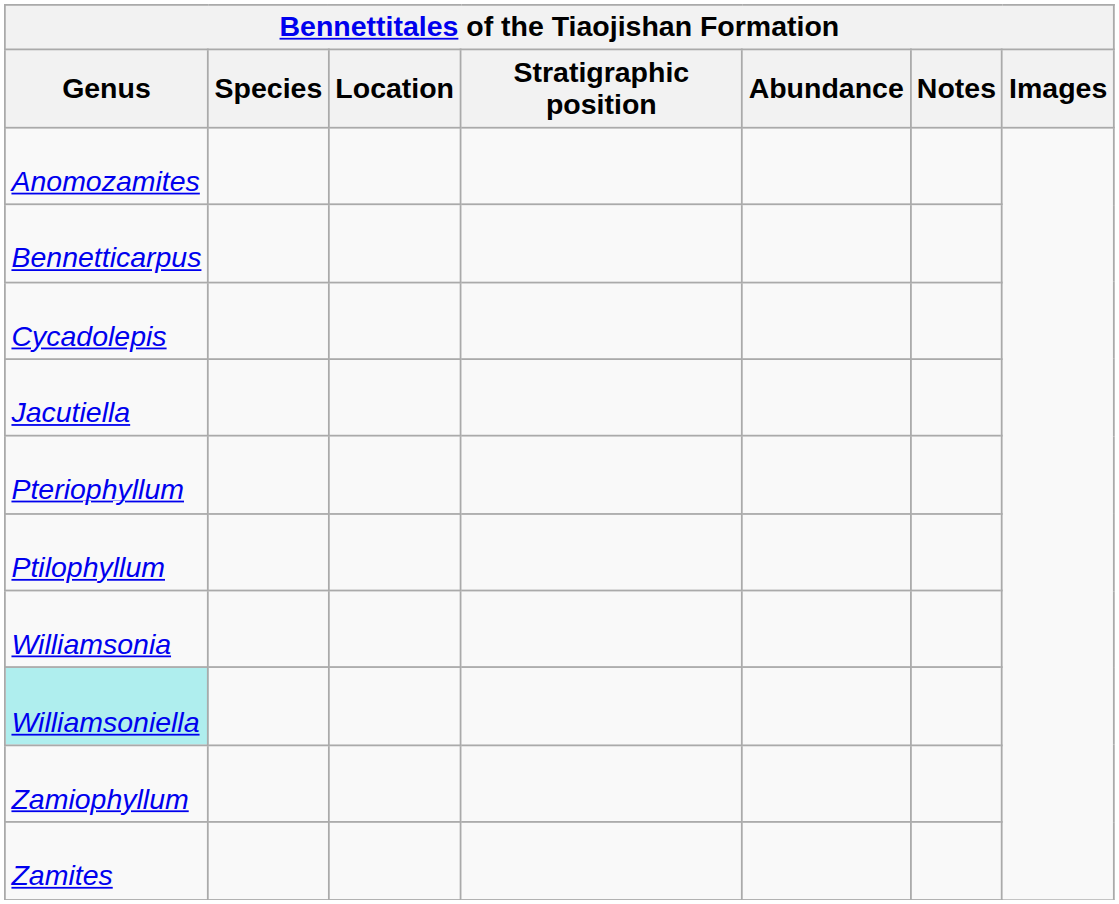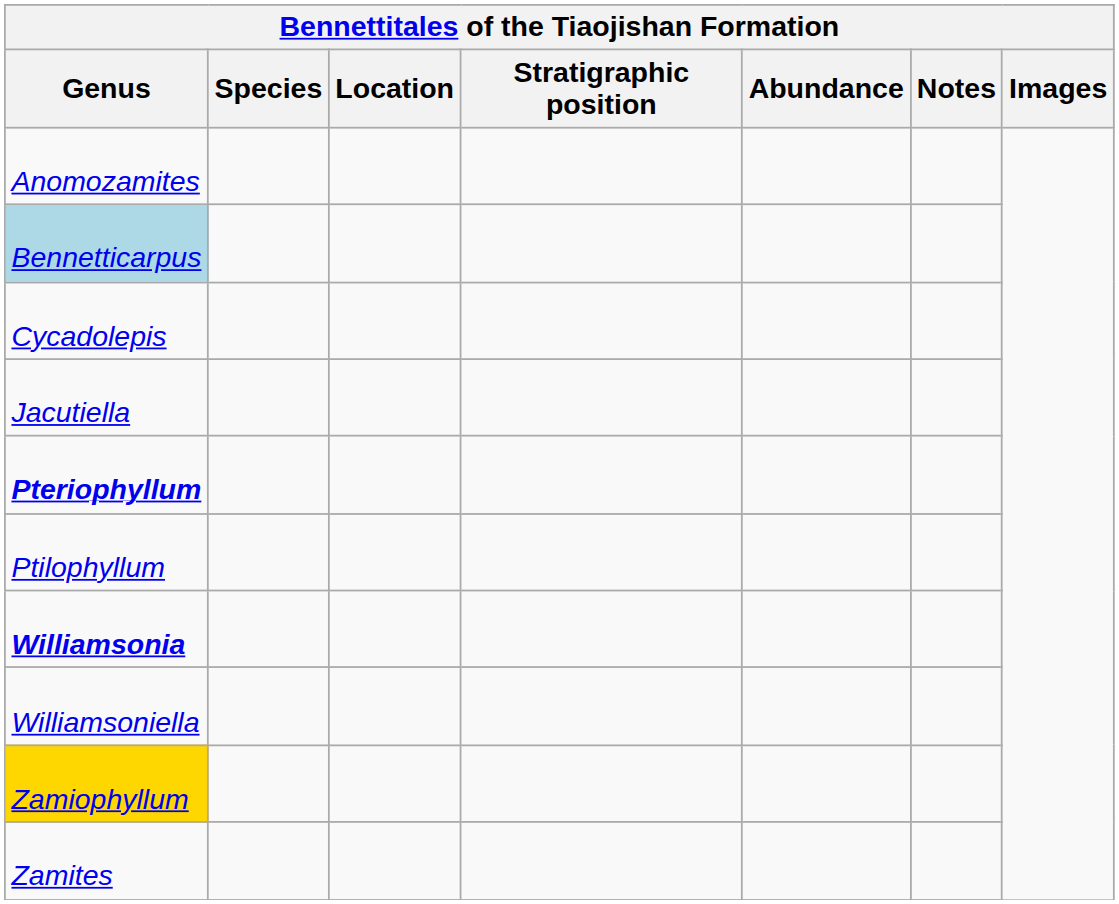 <table class="wikitable" align="center" width="100%">
 <tr>
 <th colspan="7" align="center"><strong><a href='#'>Bennettitales</a> of the Tiaojishan Formation</strong></th>
 </tr>
 <tr>
 <th>Genus</th>
 <th>Species</th>
 <th>Location</th>
 <th>Stratigraphic position</th>
 <th>Abundance</th>
 <th>Notes</th>
 <th>Images</th>
 </tr>
 <tr>
 <td><br><em><a href='#'>Anomozamites</a></em></td>
 <td></td>
 <td></td>
 <td></td>
 <td></td>
 <td></td>
 <td rowspan="99"></td>
 </tr>
 <tr>
-<td><br><em><a href='#'>Bennetticarpus</a></em></td>
+<td style="background: lightblue;"><br><em><a href='#'>Bennetticarpus</a></em></td>
 <td></td>
 <td></td>
 <td></td>
 <td></td>
 <td></td>
 </tr>
 <tr>
 <td><br><em><a href='#'>Cycadolepis</a></em></td>
 <td></td>
 <td></td>
 <td></td>
 <td></td>
 <td></td>
 </tr>
 <tr>
 <td><br><em><a href='#'>Jacutiella</a></em></td>
 <td></td>
 <td></td>
 <td></td>
 <td></td>
 <td></td>
 </tr>
 <tr>
-<td><br><em><a href='#'>Pteriophyllum</a></em></td>
+<td><strong><br><em><a href='#'>Pteriophyllum</a></em></strong></td>
 <td></td>
 <td></td>
 <td></td>
 <td></td>
 <td></td>
 </tr>
 <tr>
 <td><br><em><a href='#'>Ptilophyllum</a></em></td>
 <td></td>
 <td></td>
 <td></td>
 <td></td>
 <td></td>
 </tr>
 <tr>
-<td><br><em><a href='#'>Williamsonia</a></em></td>
+<td><strong><br><em><a href='#'>Williamsonia</a></em></strong></td>
 <td></td>
 <td></td>
 <td></td>
 <td></td>
 <td></td>
 </tr>
 <tr>
-<td style="background: paleturquoise;"><br><em><a href='#'>Williamsoniella</a></em></td>
+<td><br><em><a href='#'>Williamsoniella</a></em></td>
 <td></td>
 <td></td>
 <td></td>
 <td></td>
 <td></td>
 </tr>
 <tr>
-<td><br><em><a href='#'>Zamiophyllum</a></em></td>
+<td style="background: gold;"><br><em><a href='#'>Zamiophyllum</a></em></td>
 <td></td>
 <td></td>
 <td></td>
 <td></td>
 <td></td>
 </tr>
 <tr>
 <td><br><em><a href='#'>Zamites</a></em></td>
 <td></td>
 <td></td>
 <td></td>
 <td></td>
 <td></td>
 </tr>
 <tr>
 </tr>
 </table>
